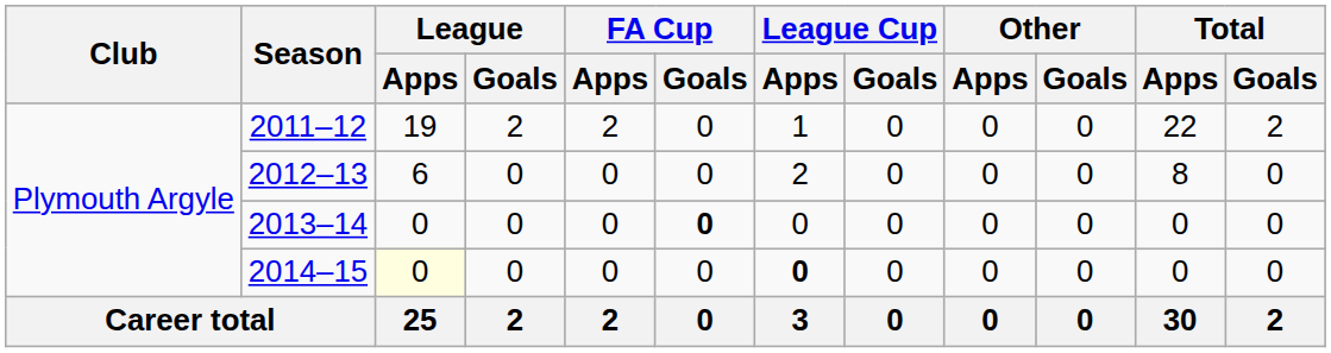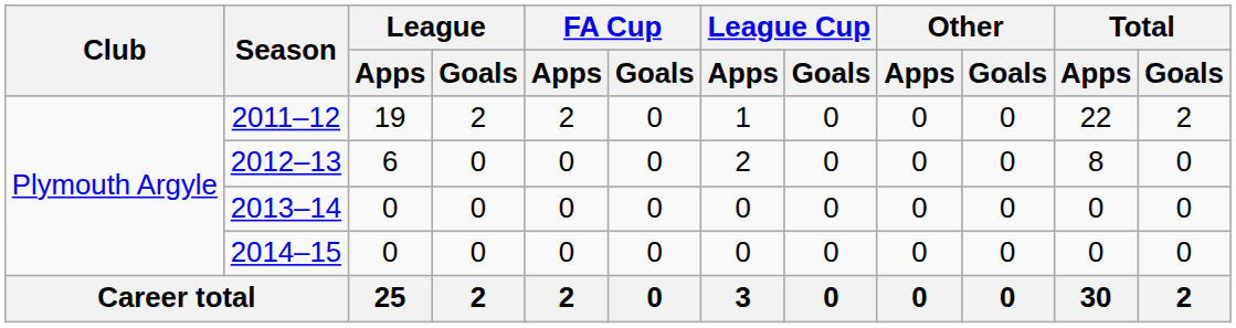 <table class="wikitable" style="text-align:center">
 <tr>
 <th rowspan="2">Club</th>
 <th rowspan="2">Season</th>
 <th colspan="2">League</th>
 <th colspan="2"><a href='#'>FA Cup</a></th>
 <th colspan="2"><a href='#'>League Cup</a></th>
 <th colspan="2">Other</th>
 <th colspan="2">Total</th>
 </tr>
 <tr>
 <th>Apps</th>
 <th>Goals</th>
 <th>Apps</th>
 <th>Goals</th>
 <th>Apps</th>
 <th>Goals</th>
 <th>Apps</th>
 <th>Goals</th>
 <th>Apps</th>
 <th>Goals</th>
 </tr>
 <tr>
 <td rowspan="4"><a href='#'>Plymouth Argyle</a></td>
 <td><a href='#'>2011–12</a></td>
 <td>19</td>
 <td>2</td>
 <td>2</td>
 <td>0</td>
 <td>1</td>
 <td>0</td>
 <td>0</td>
 <td>0</td>
 <td>22</td>
 <td>2</td>
 </tr>
 <tr>
 <td><a href='#'>2012–13</a></td>
 <td>6</td>
 <td>0</td>
 <td>0</td>
 <td>0</td>
 <td>2</td>
 <td>0</td>
 <td>0</td>
 <td>0</td>
 <td>8</td>
 <td>0</td>
 </tr>
 <tr>
 <td><a href='#'>2013–14</a></td>
 <td>0</td>
 <td>0</td>
 <td>0</td>
-<td><strong>0</strong></td>
+<td>0</td>
 <td>0</td>
 <td>0</td>
 <td>0</td>
 <td>0</td>
 <td>0</td>
 <td>0</td>
 </tr>
 <tr>
 <td><a href='#'>2014–15</a></td>
-<td style="background: lightyellow;">0</td>
 <td>0</td>
 <td>0</td>
 <td>0</td>
-<td><strong>0</strong></td>
+<td>0</td>
+<td>0</td>
 <td>0</td>
 <td>0</td>
 <td>0</td>
 <td>0</td>
 <td>0</td>
 </tr>
 <tr>
 <th colspan="2">Career total</th>
 <th>25</th>
 <th>2</th>
 <th>2</th>
 <th>0</th>
 <th>3</th>
 <th>0</th>
 <th>0</th>
 <th>0</th>
 <th>30</th>
 <th>2</th>
 </tr>
 </table>
